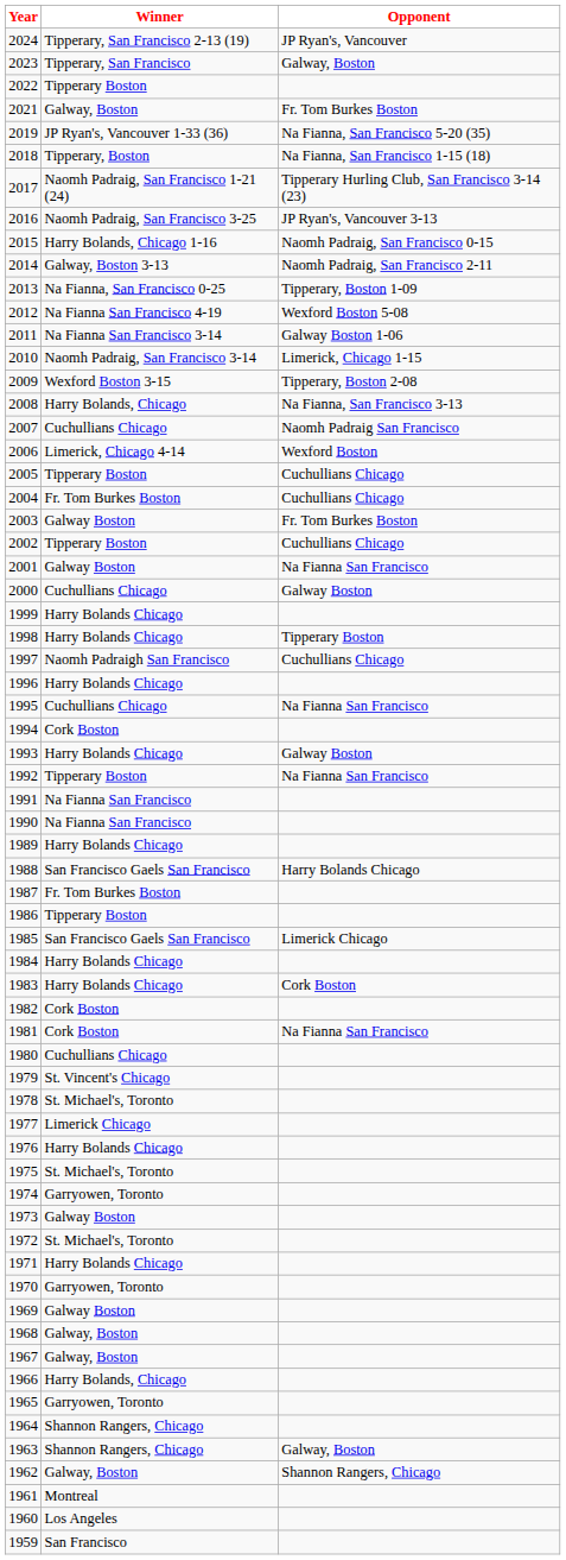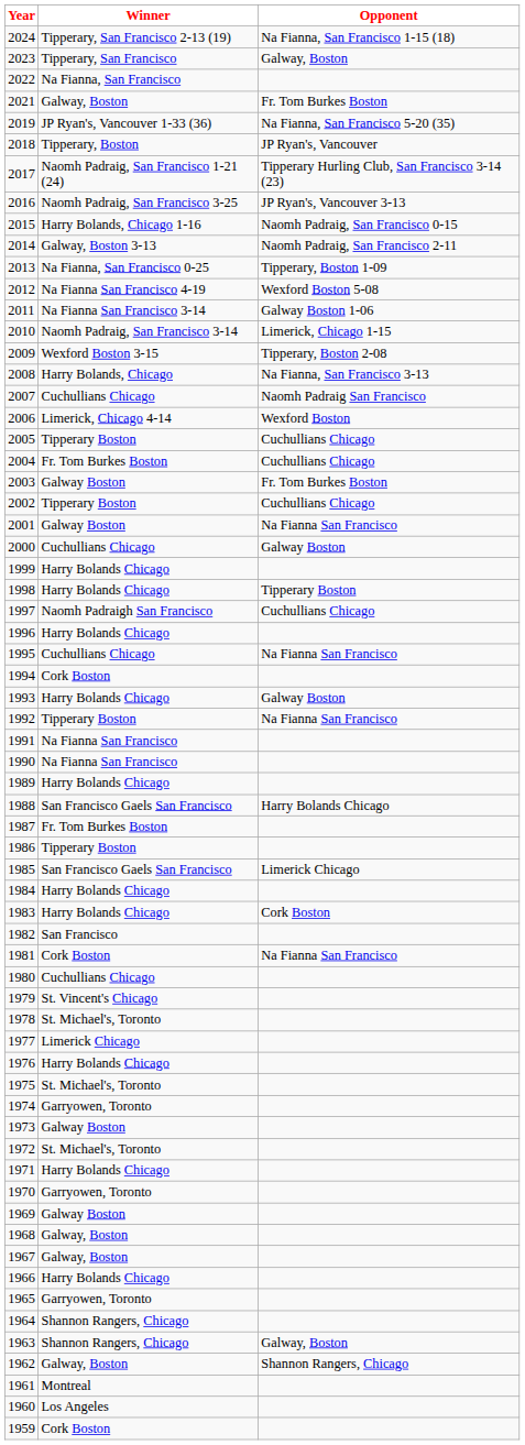 <table class="wikitable">
 <tr>
 <th style="background:white;color:red;">Year</th>
 <th style="background:white;color:red;">Winner</th>
 <th style="background:white;color:red;">Opponent</th>
 </tr>
 <tr>
 <td>2024</td>
 <td>Tipperary,  <a href='#'>San Francisco</a> 2-13 (19)</td>
-<td>JP Ryan's, Vancouver</td>
+<td>Na Fianna, <a href='#'>San Francisco</a> 1-15 (18)</td>
 </tr>
 <tr>
 <td>2023</td>
 <td>Tipperary,  <a href='#'>San Francisco</a></td>
 <td>Galway, <a href='#'>Boston</a></td>
 </tr>
 <tr>
 <td>2022</td>
-<td>Tipperary <a href='#'>Boston</a></td>
+<td>Na Fianna, <a href='#'>San Francisco</a></td>
 <td></td>
 </tr>
 <tr>
 <td>2021</td>
 <td>Galway, <a href='#'>Boston</a></td>
 <td>Fr. Tom Burkes <a href='#'>Boston</a></td>
 </tr>
 <tr>
 <td>2019</td>
 <td>JP Ryan's, Vancouver 1-33 (36)</td>
 <td>Na Fianna, <a href='#'>San Francisco</a> 5-20 (35)</td>
 </tr>
 <tr>
 <td>2018</td>
 <td>Tipperary, <a href='#'>Boston</a></td>
-<td>Na Fianna, <a href='#'>San Francisco</a> 1-15 (18)</td>
+<td>JP Ryan's, Vancouver</td>
 </tr>
 <tr>
 <td>2017</td>
 <td>Naomh Padraig, <a href='#'>San Francisco</a> 1-21 (24)</td>
 <td>Tipperary Hurling Club, <a href='#'>San Francisco</a> 3-14 (23)</td>
 </tr>
 <tr>
 <td>2016</td>
 <td>Naomh Padraig, <a href='#'>San Francisco</a> 3-25</td>
 <td>JP Ryan's, Vancouver 3-13</td>
 </tr>
 <tr>
 <td>2015</td>
 <td>Harry Bolands, <a href='#'>Chicago</a> 1-16</td>
 <td>Naomh Padraig, <a href='#'>San Francisco</a> 0-15</td>
 </tr>
 <tr>
 <td>2014</td>
 <td>Galway, <a href='#'>Boston</a> 3-13</td>
 <td>Naomh Padraig, <a href='#'>San Francisco</a> 2-11</td>
 </tr>
 <tr>
 <td>2013</td>
 <td>Na Fianna, <a href='#'>San Francisco</a> 0-25</td>
 <td>Tipperary, <a href='#'>Boston</a> 1-09</td>
 </tr>
 <tr>
 <td>2012</td>
 <td>Na Fianna <a href='#'>San Francisco</a> 4-19</td>
 <td>Wexford <a href='#'>Boston</a> 5-08</td>
 </tr>
 <tr>
 <td>2011</td>
 <td>Na Fianna <a href='#'>San Francisco</a> 3-14</td>
 <td>Galway <a href='#'>Boston</a> 1-06</td>
 </tr>
 <tr>
 <td>2010</td>
 <td>Naomh Padraig, <a href='#'>San Francisco</a> 3-14</td>
 <td>Limerick, <a href='#'>Chicago</a> 1-15</td>
 </tr>
 <tr>
 <td>2009</td>
 <td>Wexford <a href='#'>Boston</a> 3-15</td>
 <td>Tipperary, <a href='#'>Boston</a> 2-08</td>
 </tr>
 <tr>
 <td>2008</td>
 <td>Harry Bolands, <a href='#'>Chicago</a></td>
 <td>Na Fianna, <a href='#'>San Francisco</a> 3-13</td>
 </tr>
 <tr>
 <td>2007</td>
 <td>Cuchullians <a href='#'>Chicago</a></td>
 <td>Naomh Padraig <a href='#'>San Francisco</a></td>
 </tr>
 <tr>
 <td>2006</td>
 <td>Limerick, <a href='#'>Chicago</a> 4-14</td>
 <td>Wexford <a href='#'>Boston</a></td>
 </tr>
 <tr>
 <td>2005</td>
 <td>Tipperary <a href='#'>Boston</a></td>
 <td>Cuchullians <a href='#'>Chicago</a></td>
 </tr>
 <tr>
 <td>2004</td>
 <td>Fr. Tom Burkes <a href='#'>Boston</a></td>
 <td>Cuchullians <a href='#'>Chicago</a></td>
 </tr>
 <tr>
 <td>2003</td>
 <td>Galway <a href='#'>Boston</a></td>
 <td>Fr. Tom Burkes <a href='#'>Boston</a></td>
 </tr>
 <tr>
 <td>2002</td>
 <td>Tipperary <a href='#'>Boston</a></td>
 <td>Cuchullians <a href='#'>Chicago</a></td>
 </tr>
 <tr>
 <td>2001</td>
 <td>Galway <a href='#'>Boston</a></td>
 <td>Na Fianna <a href='#'>San Francisco</a></td>
 </tr>
 <tr>
 <td>2000</td>
 <td>Cuchullians <a href='#'>Chicago</a></td>
 <td>Galway <a href='#'>Boston</a></td>
 </tr>
 <tr>
 <td>1999</td>
 <td>Harry Bolands <a href='#'>Chicago</a></td>
 <td></td>
 </tr>
 <tr>
 <td>1998</td>
 <td>Harry Bolands <a href='#'>Chicago</a></td>
 <td>Tipperary <a href='#'>Boston</a></td>
 </tr>
 <tr>
 <td>1997</td>
 <td>Naomh Padraigh <a href='#'>San Francisco</a></td>
 <td>Cuchullians <a href='#'>Chicago</a></td>
 </tr>
 <tr>
 <td>1996</td>
 <td>Harry Bolands <a href='#'>Chicago</a></td>
 <td></td>
 </tr>
 <tr>
 <td>1995</td>
 <td>Cuchullians <a href='#'>Chicago</a></td>
 <td>Na Fianna <a href='#'>San Francisco</a></td>
 </tr>
 <tr>
 <td>1994</td>
 <td>Cork <a href='#'>Boston</a></td>
 <td></td>
 </tr>
 <tr>
 <td>1993</td>
 <td>Harry Bolands <a href='#'>Chicago</a></td>
 <td>Galway <a href='#'>Boston</a></td>
 </tr>
 <tr>
 <td>1992</td>
 <td>Tipperary <a href='#'>Boston</a></td>
 <td>Na Fianna <a href='#'>San Francisco</a></td>
 </tr>
 <tr>
 <td>1991</td>
 <td>Na Fianna <a href='#'>San Francisco</a></td>
 <td></td>
 </tr>
 <tr>
 <td>1990</td>
 <td>Na Fianna <a href='#'>San Francisco</a></td>
 <td></td>
 </tr>
 <tr>
 <td>1989</td>
 <td>Harry Bolands <a href='#'>Chicago</a></td>
 <td></td>
 </tr>
 <tr>
 <td>1988</td>
 <td>San Francisco Gaels <a href='#'>San Francisco</a></td>
 <td>Harry Bolands Chicago</td>
 </tr>
 <tr>
 <td>1987</td>
 <td>Fr. Tom Burkes <a href='#'>Boston</a></td>
 <td></td>
 </tr>
 <tr>
 <td>1986</td>
 <td>Tipperary <a href='#'>Boston</a></td>
 <td></td>
 </tr>
 <tr>
 <td>1985</td>
 <td>San Francisco Gaels <a href='#'>San Francisco</a></td>
 <td>Limerick Chicago</td>
 </tr>
 <tr>
 <td>1984</td>
 <td>Harry Bolands <a href='#'>Chicago</a></td>
 <td></td>
 </tr>
 <tr>
 <td>1983</td>
 <td>Harry Bolands <a href='#'>Chicago</a></td>
 <td>Cork <a href='#'>Boston</a></td>
 </tr>
 <tr>
 <td>1982</td>
-<td>Cork <a href='#'>Boston</a></td>
+<td>San Francisco</td>
 <td></td>
 </tr>
 <tr>
 <td>1981</td>
 <td>Cork <a href='#'>Boston</a></td>
 <td>Na Fianna <a href='#'>San Francisco</a></td>
 </tr>
 <tr>
 <td>1980</td>
 <td>Cuchullians <a href='#'>Chicago</a></td>
 <td></td>
 </tr>
 <tr>
 <td>1979</td>
 <td>St. Vincent's <a href='#'>Chicago</a></td>
 <td></td>
 </tr>
 <tr>
 <td>1978</td>
 <td>St. Michael's, Toronto</td>
 <td></td>
 </tr>
 <tr>
 <td>1977</td>
 <td>Limerick <a href='#'>Chicago</a></td>
 <td></td>
 </tr>
 <tr>
 <td>1976</td>
 <td>Harry Bolands <a href='#'>Chicago</a></td>
 <td></td>
 </tr>
 <tr>
 <td>1975</td>
 <td>St. Michael's, Toronto</td>
 <td></td>
 </tr>
 <tr>
 <td>1974</td>
 <td>Garryowen, Toronto</td>
 <td></td>
 </tr>
 <tr>
 <td>1973</td>
 <td>Galway <a href='#'>Boston</a></td>
 <td></td>
 </tr>
 <tr>
 <td>1972</td>
 <td>St. Michael's, Toronto</td>
 <td></td>
 </tr>
 <tr>
 <td>1971</td>
 <td>Harry Bolands <a href='#'>Chicago</a></td>
 <td></td>
 </tr>
 <tr>
 <td>1970</td>
 <td>Garryowen, Toronto</td>
 <td></td>
 </tr>
 <tr>
 <td>1969</td>
 <td>Galway <a href='#'>Boston</a></td>
 <td></td>
 </tr>
 <tr>
 <td>1968</td>
 <td>Galway, <a href='#'>Boston</a></td>
 <td></td>
 </tr>
 <tr>
 <td>1967</td>
 <td>Galway, <a href='#'>Boston</a></td>
 <td></td>
 </tr>
 <tr>
 <td>1966</td>
-<td>Harry Bolands, <a href='#'>Chicago</a></td>
+<td>Harry Bolands <a href='#'>Chicago</a></td>
 <td></td>
 </tr>
 <tr>
 <td>1965</td>
 <td>Garryowen, Toronto</td>
 <td></td>
 </tr>
 <tr>
 <td>1964</td>
 <td>Shannon Rangers, <a href='#'>Chicago</a></td>
 <td></td>
 </tr>
 <tr>
 <td>1963</td>
 <td>Shannon Rangers, <a href='#'>Chicago</a></td>
 <td>Galway, <a href='#'>Boston</a></td>
 </tr>
 <tr>
 <td>1962</td>
 <td>Galway, <a href='#'>Boston</a></td>
 <td>Shannon Rangers, <a href='#'>Chicago</a></td>
 </tr>
 <tr>
 <td>1961</td>
 <td>Montreal</td>
 <td></td>
 </tr>
 <tr>
 <td>1960</td>
 <td>Los Angeles</td>
 <td></td>
 </tr>
 <tr>
 <td>1959</td>
-<td>San Francisco</td>
+<td>Cork <a href='#'>Boston</a></td>
 <td></td>
 </tr>
 </table>
